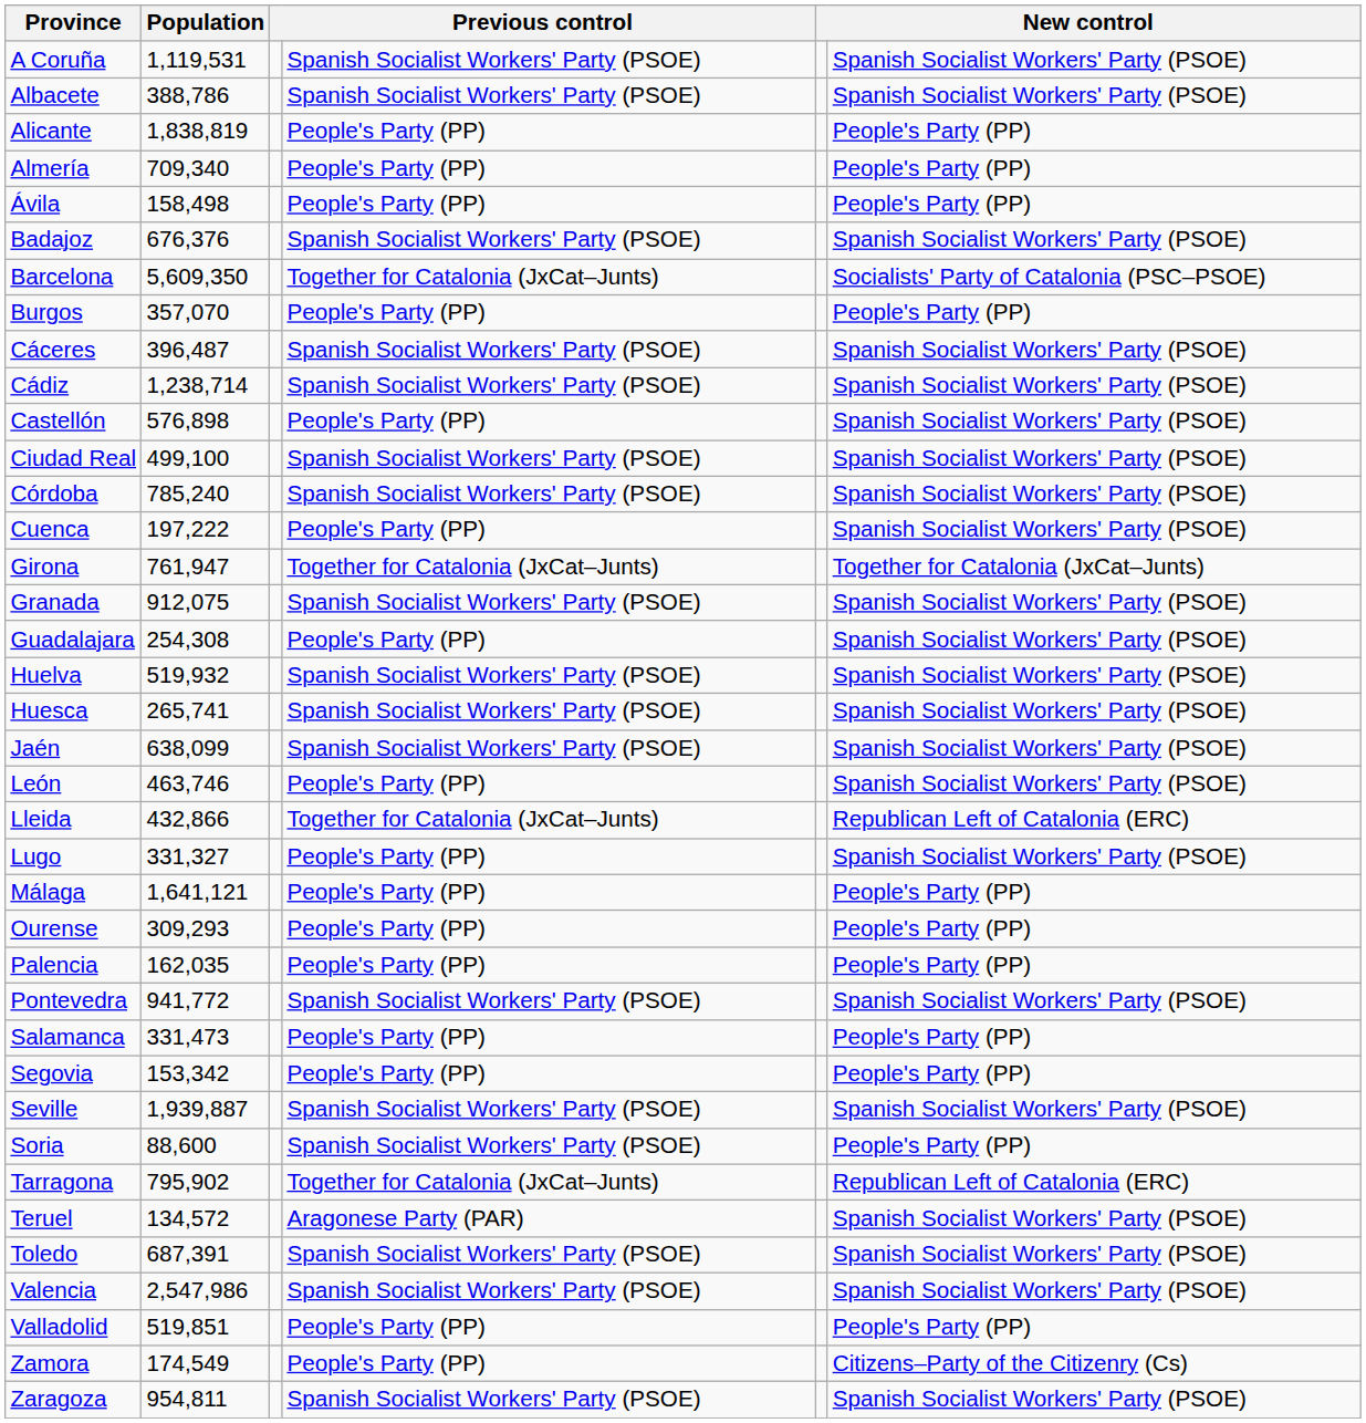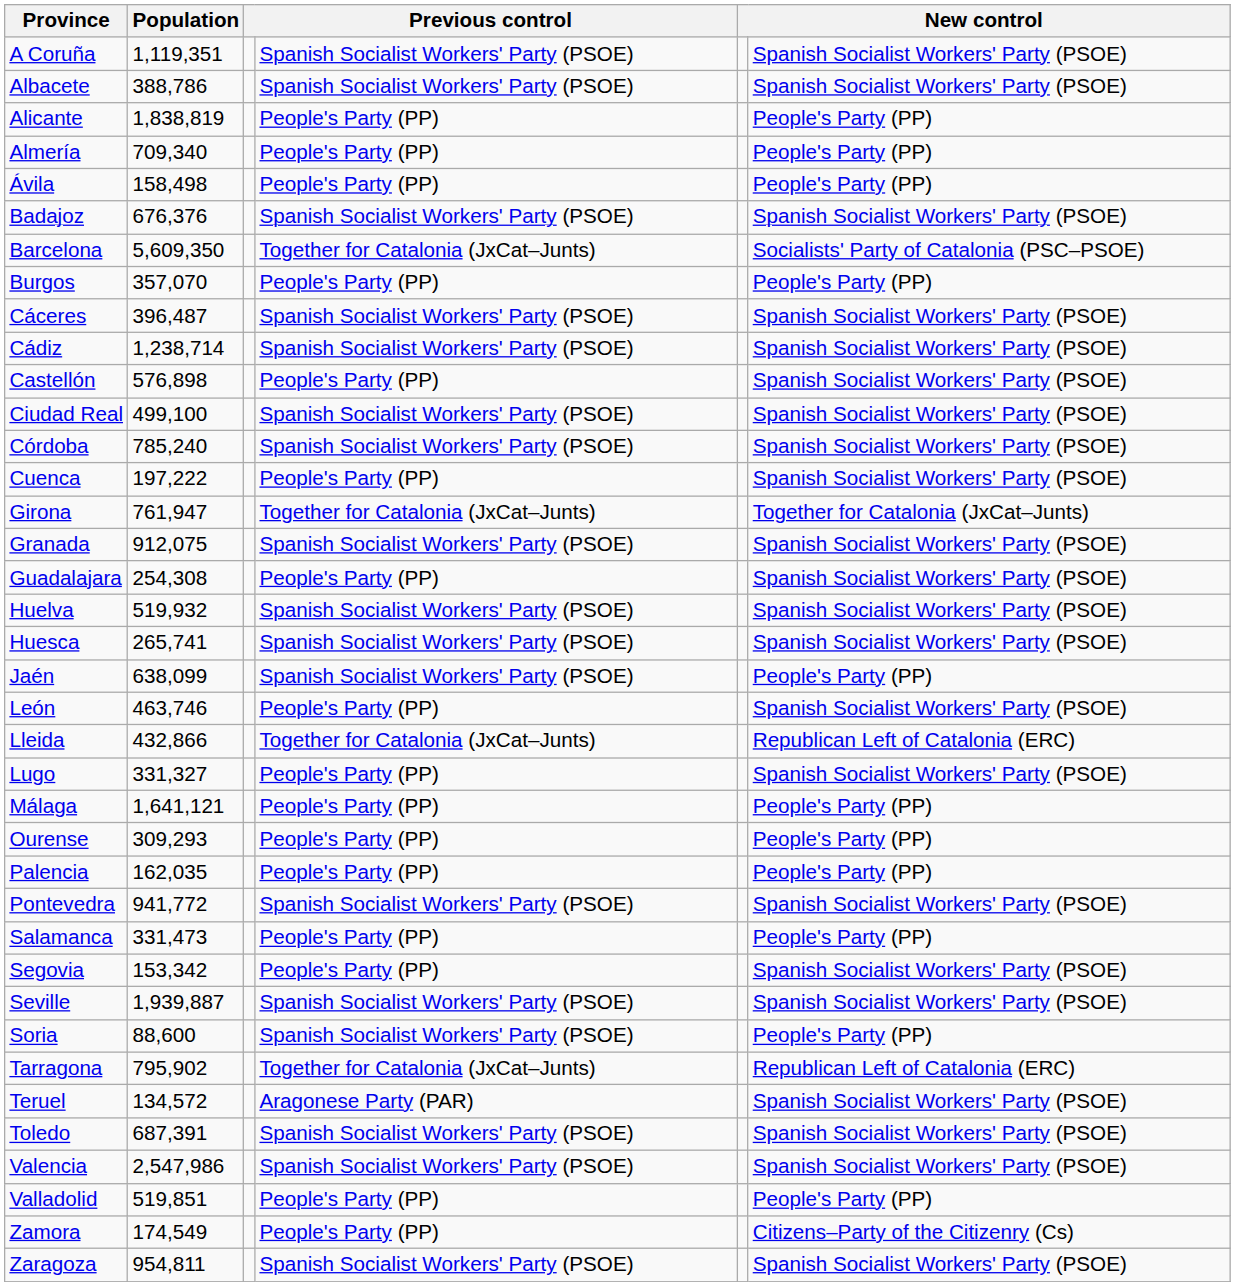 <table class="wikitable sortable">
 <tr>
 <th>Province</th>
 <th>Population</th>
 <th colspan="2" style="width:375px;">Previous control</th>
 <th colspan="2" style="width:375px;">New control</th>
 </tr>
 <tr>
 <td><a href='#'>A Coruña</a></td>
-<td>1,119,531</td>
+<td>1,119,351</td>
 <td width="1" style="color:inherit;background:"></td>
 <td><a href='#'>Spanish Socialist Workers' Party</a> (PSOE)</td>
 <td width="1" style="color:inherit;background:"></td>
 <td><a href='#'>Spanish Socialist Workers' Party</a> (PSOE)</td>
 </tr>
 <tr>
 <td><a href='#'>Albacete</a></td>
 <td>388,786</td>
 <td style="color:inherit;background:"></td>
 <td><a href='#'>Spanish Socialist Workers' Party</a> (PSOE)</td>
 <td style="color:inherit;background:"></td>
 <td><a href='#'>Spanish Socialist Workers' Party</a> (PSOE)</td>
 </tr>
 <tr>
 <td><a href='#'>Alicante</a></td>
 <td>1,838,819</td>
 <td style="color:inherit;background:"></td>
 <td><a href='#'>People's Party</a> (PP)</td>
 <td style="color:inherit;background:"></td>
 <td><a href='#'>People's Party</a> (PP)</td>
 </tr>
 <tr>
 <td><a href='#'>Almería</a></td>
 <td>709,340</td>
 <td style="color:inherit;background:"></td>
 <td><a href='#'>People's Party</a> (PP)</td>
 <td style="color:inherit;background:"></td>
 <td><a href='#'>People's Party</a> (PP)</td>
 </tr>
 <tr>
 <td><a href='#'>Ávila</a></td>
 <td>158,498</td>
 <td style="color:inherit;background:"></td>
 <td><a href='#'>People's Party</a> (PP)</td>
 <td style="color:inherit;background:"></td>
 <td><a href='#'>People's Party</a> (PP)</td>
 </tr>
 <tr>
 <td><a href='#'>Badajoz</a></td>
 <td>676,376</td>
 <td style="color:inherit;background:"></td>
 <td><a href='#'>Spanish Socialist Workers' Party</a> (PSOE)</td>
 <td style="color:inherit;background:"></td>
 <td><a href='#'>Spanish Socialist Workers' Party</a> (PSOE)</td>
 </tr>
 <tr>
 <td><a href='#'>Barcelona</a></td>
 <td>5,609,350</td>
 <td style="color:inherit;background:"></td>
 <td><a href='#'>Together for Catalonia</a> (JxCat–Junts)</td>
 <td style="color:inherit;background:"></td>
 <td><a href='#'>Socialists' Party of Catalonia</a> (PSC–PSOE)</td>
 </tr>
 <tr>
 <td><a href='#'>Burgos</a></td>
 <td>357,070</td>
 <td style="color:inherit;background:"></td>
 <td><a href='#'>People's Party</a> (PP)</td>
 <td style="color:inherit;background:"></td>
 <td><a href='#'>People's Party</a> (PP)</td>
 </tr>
 <tr>
 <td><a href='#'>Cáceres</a></td>
 <td>396,487</td>
 <td style="color:inherit;background:"></td>
 <td><a href='#'>Spanish Socialist Workers' Party</a> (PSOE)</td>
 <td style="color:inherit;background:"></td>
 <td><a href='#'>Spanish Socialist Workers' Party</a> (PSOE)</td>
 </tr>
 <tr>
 <td><a href='#'>Cádiz</a></td>
 <td>1,238,714</td>
 <td style="color:inherit;background:"></td>
 <td><a href='#'>Spanish Socialist Workers' Party</a> (PSOE)</td>
 <td style="color:inherit;background:"></td>
 <td><a href='#'>Spanish Socialist Workers' Party</a> (PSOE)</td>
 </tr>
 <tr>
 <td><a href='#'>Castellón</a></td>
 <td>576,898</td>
 <td style="color:inherit;background:"></td>
 <td><a href='#'>People's Party</a> (PP)</td>
 <td style="color:inherit;background:"></td>
 <td><a href='#'>Spanish Socialist Workers' Party</a> (PSOE)</td>
 </tr>
 <tr>
 <td><a href='#'>Ciudad Real</a></td>
 <td>499,100</td>
 <td style="color:inherit;background:"></td>
 <td><a href='#'>Spanish Socialist Workers' Party</a> (PSOE)</td>
 <td style="color:inherit;background:"></td>
 <td><a href='#'>Spanish Socialist Workers' Party</a> (PSOE)</td>
 </tr>
 <tr>
 <td><a href='#'>Córdoba</a></td>
 <td>785,240</td>
 <td style="color:inherit;background:"></td>
 <td><a href='#'>Spanish Socialist Workers' Party</a> (PSOE)</td>
 <td style="color:inherit;background:"></td>
 <td><a href='#'>Spanish Socialist Workers' Party</a> (PSOE)</td>
 </tr>
 <tr>
 <td><a href='#'>Cuenca</a></td>
 <td>197,222</td>
 <td style="color:inherit;background:"></td>
 <td><a href='#'>People's Party</a> (PP)</td>
 <td style="color:inherit;background:"></td>
 <td><a href='#'>Spanish Socialist Workers' Party</a> (PSOE)</td>
 </tr>
 <tr>
 <td><a href='#'>Girona</a></td>
 <td>761,947</td>
 <td style="color:inherit;background:"></td>
 <td><a href='#'>Together for Catalonia</a> (JxCat–Junts)</td>
 <td style="color:inherit;background:"></td>
 <td><a href='#'>Together for Catalonia</a> (JxCat–Junts)</td>
 </tr>
 <tr>
 <td><a href='#'>Granada</a></td>
 <td>912,075</td>
 <td style="color:inherit;background:"></td>
 <td><a href='#'>Spanish Socialist Workers' Party</a> (PSOE)</td>
 <td style="color:inherit;background:"></td>
 <td><a href='#'>Spanish Socialist Workers' Party</a> (PSOE)</td>
 </tr>
 <tr>
 <td><a href='#'>Guadalajara</a></td>
 <td>254,308</td>
 <td style="color:inherit;background:"></td>
 <td><a href='#'>People's Party</a> (PP)</td>
 <td style="color:inherit;background:"></td>
 <td><a href='#'>Spanish Socialist Workers' Party</a> (PSOE)</td>
 </tr>
 <tr>
 <td><a href='#'>Huelva</a></td>
 <td>519,932</td>
 <td style="color:inherit;background:"></td>
 <td><a href='#'>Spanish Socialist Workers' Party</a> (PSOE)</td>
 <td style="color:inherit;background:"></td>
 <td><a href='#'>Spanish Socialist Workers' Party</a> (PSOE)</td>
 </tr>
 <tr>
 <td><a href='#'>Huesca</a></td>
 <td>265,741</td>
 <td style="color:inherit;background:"></td>
 <td><a href='#'>Spanish Socialist Workers' Party</a> (PSOE)</td>
 <td style="color:inherit;background:"></td>
 <td><a href='#'>Spanish Socialist Workers' Party</a> (PSOE)</td>
 </tr>
 <tr>
 <td><a href='#'>Jaén</a></td>
 <td>638,099</td>
 <td style="color:inherit;background:"></td>
 <td><a href='#'>Spanish Socialist Workers' Party</a> (PSOE)</td>
 <td style="color:inherit;background:"></td>
-<td><a href='#'>Spanish Socialist Workers' Party</a> (PSOE)</td>
+<td><a href='#'>People's Party</a> (PP)</td>
 </tr>
 <tr>
 <td><a href='#'>León</a></td>
 <td>463,746</td>
 <td style="color:inherit;background:"></td>
 <td><a href='#'>People's Party</a> (PP)</td>
 <td style="color:inherit;background:"></td>
 <td><a href='#'>Spanish Socialist Workers' Party</a> (PSOE)</td>
 </tr>
 <tr>
 <td><a href='#'>Lleida</a></td>
 <td>432,866</td>
 <td style="color:inherit;background:"></td>
 <td><a href='#'>Together for Catalonia</a> (JxCat–Junts)</td>
 <td style="color:inherit;background:"></td>
 <td><a href='#'>Republican Left of Catalonia</a> (ERC)</td>
 </tr>
 <tr>
 <td><a href='#'>Lugo</a></td>
 <td>331,327</td>
 <td style="color:inherit;background:"></td>
 <td><a href='#'>People's Party</a> (PP)</td>
 <td style="color:inherit;background:"></td>
 <td><a href='#'>Spanish Socialist Workers' Party</a> (PSOE)</td>
 </tr>
 <tr>
 <td><a href='#'>Málaga</a></td>
 <td>1,641,121</td>
 <td style="color:inherit;background:"></td>
 <td><a href='#'>People's Party</a> (PP)</td>
 <td style="color:inherit;background:"></td>
 <td><a href='#'>People's Party</a> (PP)</td>
 </tr>
 <tr>
 <td><a href='#'>Ourense</a></td>
 <td>309,293</td>
 <td style="color:inherit;background:"></td>
 <td><a href='#'>People's Party</a> (PP)</td>
 <td style="color:inherit;background:"></td>
 <td><a href='#'>People's Party</a> (PP)</td>
 </tr>
 <tr>
 <td><a href='#'>Palencia</a></td>
 <td>162,035</td>
 <td style="color:inherit;background:"></td>
 <td><a href='#'>People's Party</a> (PP)</td>
 <td style="color:inherit;background:"></td>
 <td><a href='#'>People's Party</a> (PP)</td>
 </tr>
 <tr>
 <td><a href='#'>Pontevedra</a></td>
 <td>941,772</td>
 <td style="color:inherit;background:"></td>
 <td><a href='#'>Spanish Socialist Workers' Party</a> (PSOE)</td>
 <td style="color:inherit;background:"></td>
 <td><a href='#'>Spanish Socialist Workers' Party</a> (PSOE)</td>
 </tr>
 <tr>
 <td><a href='#'>Salamanca</a></td>
 <td>331,473</td>
 <td style="color:inherit;background:"></td>
 <td><a href='#'>People's Party</a> (PP)</td>
 <td style="color:inherit;background:"></td>
 <td><a href='#'>People's Party</a> (PP)</td>
 </tr>
 <tr>
 <td><a href='#'>Segovia</a></td>
 <td>153,342</td>
 <td style="color:inherit;background:"></td>
 <td><a href='#'>People's Party</a> (PP)</td>
 <td style="color:inherit;background:"></td>
-<td><a href='#'>People's Party</a> (PP)</td>
+<td><a href='#'>Spanish Socialist Workers' Party</a> (PSOE)</td>
 </tr>
 <tr>
 <td><a href='#'>Seville</a></td>
 <td>1,939,887</td>
 <td style="color:inherit;background:"></td>
 <td><a href='#'>Spanish Socialist Workers' Party</a> (PSOE)</td>
 <td style="color:inherit;background:"></td>
 <td><a href='#'>Spanish Socialist Workers' Party</a> (PSOE)</td>
 </tr>
 <tr>
 <td><a href='#'>Soria</a></td>
 <td>88,600</td>
 <td style="color:inherit;background:"></td>
 <td><a href='#'>Spanish Socialist Workers' Party</a> (PSOE)</td>
 <td style="color:inherit;background:"></td>
 <td><a href='#'>People's Party</a> (PP)</td>
 </tr>
 <tr>
 <td><a href='#'>Tarragona</a></td>
 <td>795,902</td>
 <td style="color:inherit;background:"></td>
 <td><a href='#'>Together for Catalonia</a> (JxCat–Junts)</td>
 <td style="color:inherit;background:"></td>
 <td><a href='#'>Republican Left of Catalonia</a> (ERC)</td>
 </tr>
 <tr>
 <td><a href='#'>Teruel</a></td>
 <td>134,572</td>
 <td style="color:inherit;background:"></td>
 <td><a href='#'>Aragonese Party</a> (PAR)</td>
 <td style="color:inherit;background:"></td>
 <td><a href='#'>Spanish Socialist Workers' Party</a> (PSOE)</td>
 </tr>
 <tr>
 <td><a href='#'>Toledo</a></td>
 <td>687,391</td>
 <td style="color:inherit;background:"></td>
 <td><a href='#'>Spanish Socialist Workers' Party</a> (PSOE)</td>
 <td style="color:inherit;background:"></td>
 <td><a href='#'>Spanish Socialist Workers' Party</a> (PSOE)</td>
 </tr>
 <tr>
 <td><a href='#'>Valencia</a></td>
 <td>2,547,986</td>
 <td style="color:inherit;background:"></td>
 <td><a href='#'>Spanish Socialist Workers' Party</a> (PSOE)</td>
 <td style="color:inherit;background:"></td>
 <td><a href='#'>Spanish Socialist Workers' Party</a> (PSOE)</td>
 </tr>
 <tr>
 <td><a href='#'>Valladolid</a></td>
 <td>519,851</td>
 <td style="color:inherit;background:"></td>
 <td><a href='#'>People's Party</a> (PP)</td>
 <td style="color:inherit;background:"></td>
 <td><a href='#'>People's Party</a> (PP)</td>
 </tr>
 <tr>
 <td><a href='#'>Zamora</a></td>
 <td>174,549</td>
 <td style="color:inherit;background:"></td>
 <td><a href='#'>People's Party</a> (PP)</td>
 <td style="color:inherit;background:"></td>
 <td><a href='#'>Citizens–Party of the Citizenry</a> (Cs)</td>
 </tr>
 <tr>
 <td><a href='#'>Zaragoza</a></td>
 <td>954,811</td>
 <td style="color:inherit;background:"></td>
 <td><a href='#'>Spanish Socialist Workers' Party</a> (PSOE)</td>
 <td style="color:inherit;background:"></td>
 <td><a href='#'>Spanish Socialist Workers' Party</a> (PSOE)</td>
 </tr>
 </table>
